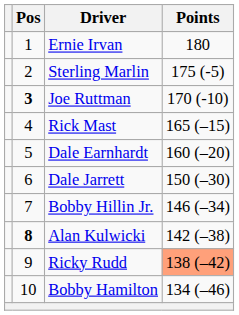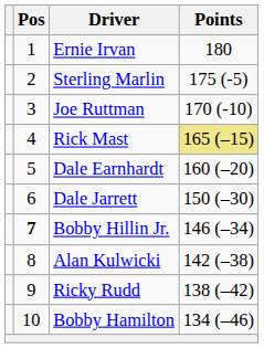 <table class="wikitable" style="font-size: 95%;">
 <tr>
 <th></th>
 <th>Pos</th>
 <th>Driver</th>
 <th>Points</th>
 </tr>
 <tr>
 <td align="left"></td>
 <td style="text-align:center;">1</td>
 <td><a href='#'>Ernie Irvan</a></td>
 <td style="text-align:center;">180</td>
 </tr>
 <tr>
 <td align="left"></td>
 <td style="text-align:center;">2</td>
 <td><a href='#'>Sterling Marlin</a></td>
 <td style="text-align:center;">175 (-5)</td>
 </tr>
 <tr>
 <td align="left"></td>
-<td style="text-align:center;"><strong>3</strong></td>
+<td style="text-align:center;">3</td>
 <td><a href='#'>Joe Ruttman</a></td>
 <td style="text-align:center;">170 (-10)</td>
 </tr>
 <tr>
 <td align="left"></td>
 <td style="text-align:center;">4</td>
 <td><a href='#'>Rick Mast</a></td>
-<td style="text-align:center;">165 (–15)</td>
+<td style="background: khaki; text-align:center;">165 (–15)</td>
 </tr>
 <tr>
 <td align="left"></td>
 <td style="text-align:center;">5</td>
 <td><a href='#'>Dale Earnhardt</a></td>
 <td style="text-align:center;">160 (–20)</td>
 </tr>
 <tr>
 <td align="left"></td>
 <td style="text-align:center;">6</td>
 <td><a href='#'>Dale Jarrett</a></td>
 <td style="text-align:center;">150 (–30)</td>
 </tr>
 <tr>
 <td align="left"></td>
-<td style="text-align:center;">7</td>
+<td style="text-align:center;"><strong>7</strong></td>
 <td><a href='#'>Bobby Hillin Jr.</a></td>
 <td style="text-align:center;">146 (–34)</td>
 </tr>
 <tr>
 <td align="left"></td>
-<td style="text-align:center;"><strong>8</strong></td>
+<td style="text-align:center;">8</td>
 <td><a href='#'>Alan Kulwicki</a></td>
 <td style="text-align:center;">142 (–38)</td>
 </tr>
 <tr>
 <td align="left"></td>
 <td style="text-align:center;">9</td>
 <td><a href='#'>Ricky Rudd</a></td>
-<td style="background: lightsalmon; text-align:center;">138 (–42)</td>
+<td style="text-align:center;">138 (–42)</td>
 </tr>
 <tr>
 <td align="left"></td>
 <td style="text-align:center;">10</td>
 <td><a href='#'>Bobby Hamilton</a></td>
 <td style="text-align:center;">134 (–46)</td>
 </tr>
 <tr class="sortbottom">
 <th colspan="9"></th>
 </tr>
 </table>
